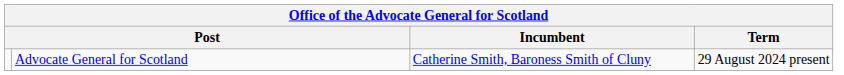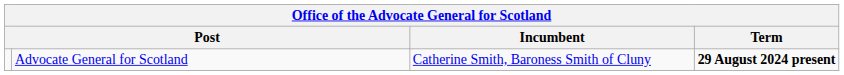 <table class="wikitable">
 <tr>
 <th colspan="5"><a href='#'>Office of the Advocate General for Scotland</a></th>
 </tr>
 <tr>
 <th colspan="3">Post</th>
 <th>Incumbent</th>
 <th>Term</th>
 </tr>
 <tr>
 <td style="width: 1px; background: "></td>
 <td style="width: 450px;"><a href='#'>Advocate General for Scotland</a></td>
 <td colspan="2" style="width: 320px;"><a href='#'>Catherine Smith, Baroness Smith of Cluny</a></td>
-<td>29 August 2024 present</td>
+<td><strong>29 August 2024 present</strong></td>
 </tr>
 </table>
